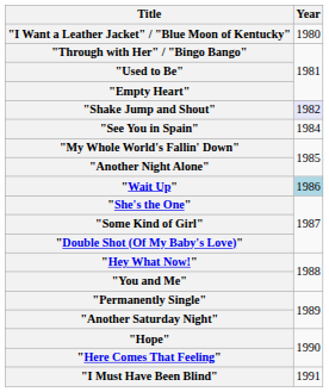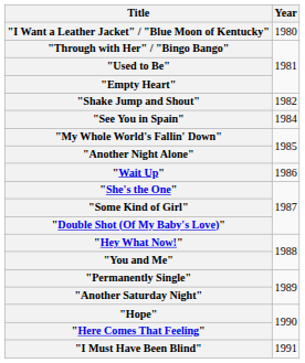 <table class="wikitable">
 <tr>
 <th>Title</th>
 <th>Year</th>
 </tr>
 <tr>
 <th>"I Want a Leather Jacket" / "Blue Moon of Kentucky"</th>
 <td>1980</td>
 </tr>
 <tr>
 <th>"Through with Her" / "Bingo Bango"</th>
 <td rowspan="3">1981</td>
 </tr>
 <tr>
 <th>"Used to Be"</th>
 </tr>
 <tr>
 <th>"Empty Heart"</th>
 </tr>
 <tr>
 <th>"Shake Jump and Shout"</th>
-<td style="background: lavender;">1982</td>
+<td>1982</td>
 </tr>
 <tr>
 <th>"See You in Spain"</th>
 <td>1984</td>
 </tr>
 <tr>
 <th>"My Whole World's Fallin' Down"</th>
 <td rowspan="2">1985</td>
 </tr>
 <tr>
 <th>"Another Night Alone"</th>
 </tr>
 <tr>
 <th>"<a href='#'>Wait Up</a>"</th>
-<td style="background: lightblue;">1986</td>
+<td>1986</td>
 </tr>
 <tr>
 <th>"<a href='#'>She's the One</a>"</th>
 <td rowspan="3">1987</td>
 </tr>
 <tr>
 <th>"Some Kind of Girl"</th>
 </tr>
 <tr>
 <th>"<a href='#'>Double Shot (Of My Baby's Love)</a>"</th>
 </tr>
 <tr>
 <th>"<a href='#'>Hey What Now!</a>"</th>
 <td rowspan="2">1988</td>
 </tr>
 <tr>
 <th>"You and Me"</th>
 </tr>
 <tr>
 <th>"Permanently Single"</th>
 <td rowspan="2">1989</td>
 </tr>
 <tr>
 <th>"Another Saturday Night"</th>
 </tr>
 <tr>
 <th>"Hope"</th>
 <td rowspan="2">1990</td>
 </tr>
 <tr>
 <th>"<a href='#'>Here Comes That Feeling</a>"</th>
 </tr>
 <tr>
 <th>"I Must Have Been Blind"</th>
 <td>1991</td>
 </tr>
 </table>
